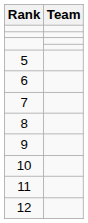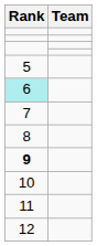 <table class="wikitable" style="text-align:center;">
 <tr>
 <th width=40>Rank</th>
 <th>Team</th>
 </tr>
 <tr>
 <td></td>
 <td align=left></td>
 </tr>
 <tr>
 <td></td>
 <td align=left></td>
 </tr>
 <tr>
 <td rowspan=2></td>
 <td align=left></td>
 </tr>
 <tr>
 <td align=left></td>
 </tr>
 <tr>
 <td>5</td>
 <td align=left></td>
 </tr>
 <tr>
-<td>6</td>
+<td style="background: paleturquoise;">6</td>
 <td align=left></td>
 </tr>
 <tr>
 <td>7</td>
 <td align=left></td>
 </tr>
 <tr>
 <td>8</td>
 <td align=left></td>
 </tr>
 <tr>
-<td>9</td>
+<td><strong>9</strong></td>
 <td align=left></td>
 </tr>
 <tr>
 <td>10</td>
 <td align=left></td>
 </tr>
 <tr>
 <td>11</td>
 <td align=left></td>
 </tr>
 <tr>
 <td>12</td>
 <td align=left></td>
 </tr>
 </table>
